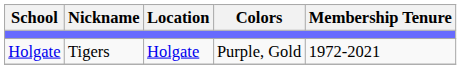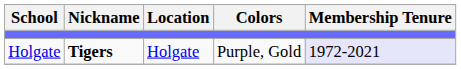 <table class="wikitable sortable">
 <tr>
 <th>School</th>
 <th>Nickname</th>
 <th>Location</th>
 <th>Colors</th>
 <th>Membership Tenure</th>
 </tr>
 <tr>
 <th colspan="7" style="background:#676AFE;"></th>
 </tr>
 <tr>
 <td><a href='#'>Holgate</a></td>
-<td>Tigers</td>
+<td><strong>Tigers</strong></td>
 <td><a href='#'>Holgate</a></td>
 <td>Purple, Gold <br>  </td>
-<td>1972-2021</td>
+<td style="background: lavender;">1972-2021</td>
 </tr>
 <tr>
 </tr>
 </table>
